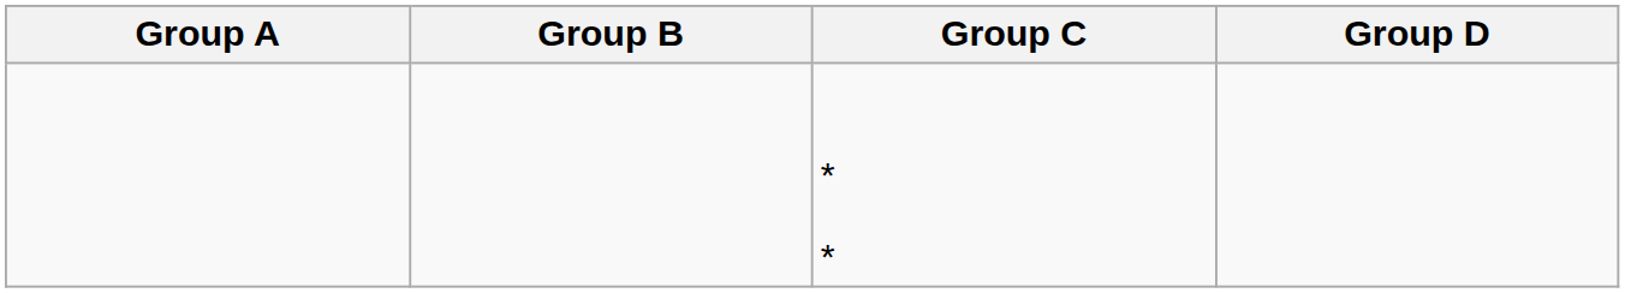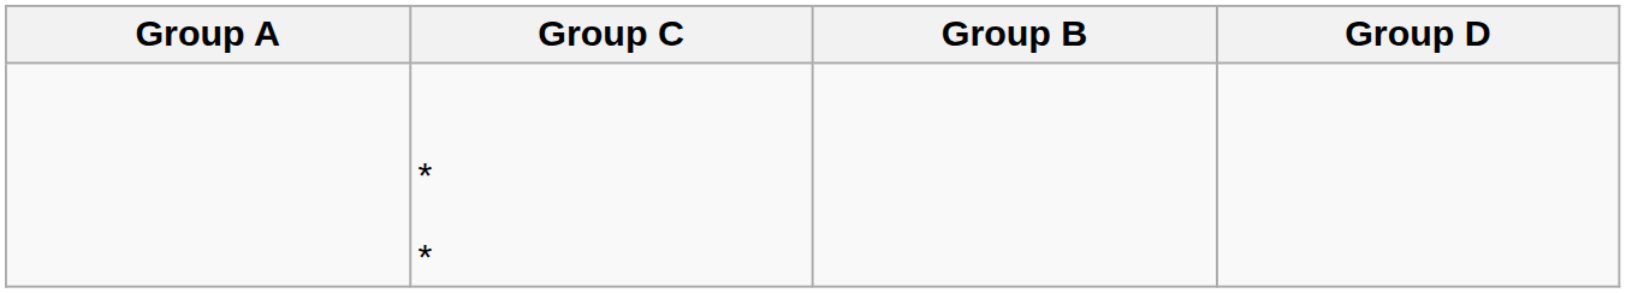 <table class="wikitable" width=80%>
 <tr>
 <th width=25%>Group A</th>
+<th width=25%>Group C</th>
 <th width=25%>Group B</th>
-<th width=25%>Group C</th>
 <th width=25%>Group D</th>
 </tr>
 <tr>
 <td><br><br> <br> <br> </td>
+<td><br><br> <s></s> *<br> <br>  <s></s> *</td>
 <td><br><br> <br>  <br> </td>
-<td><br><br> <s></s> *<br> <br>  <s></s> *</td>
 <td><br><br> <br> <br> </td>
 </tr>
 </table>
